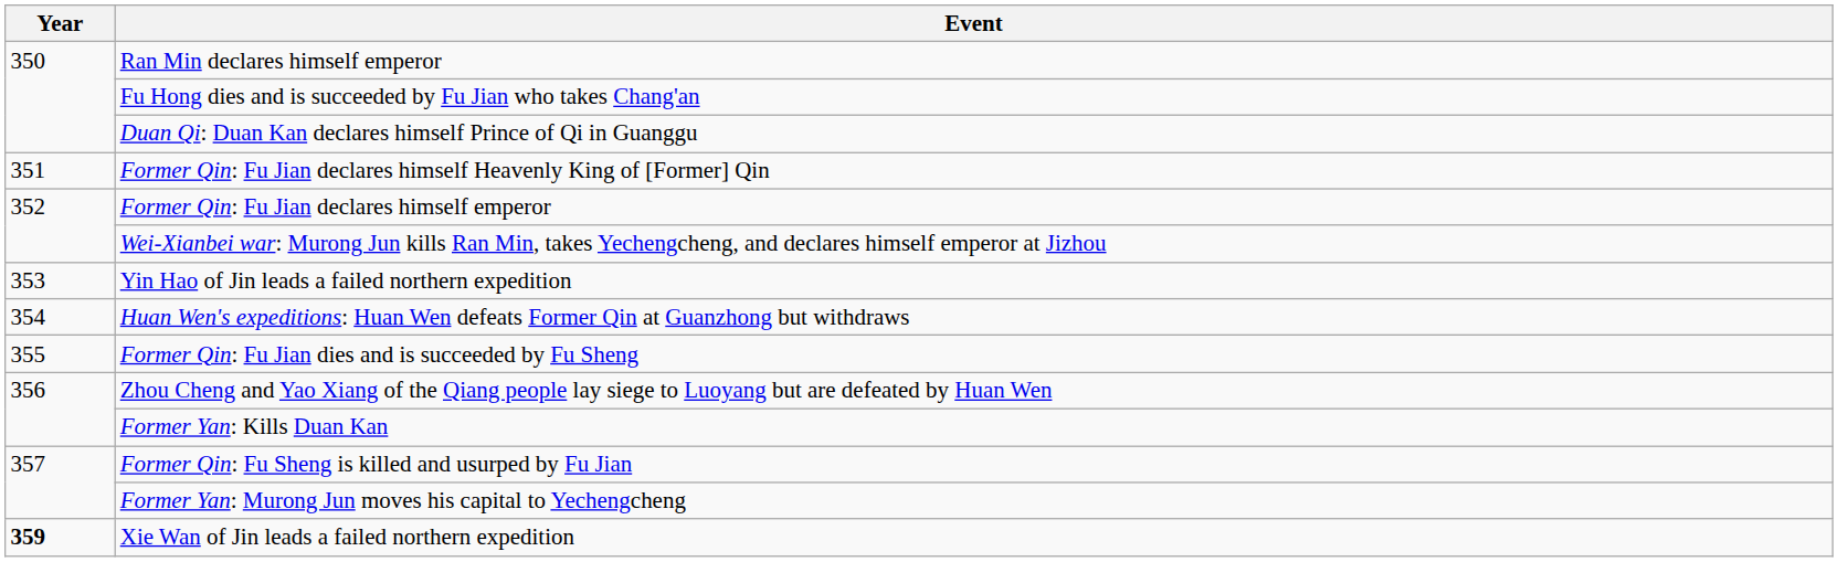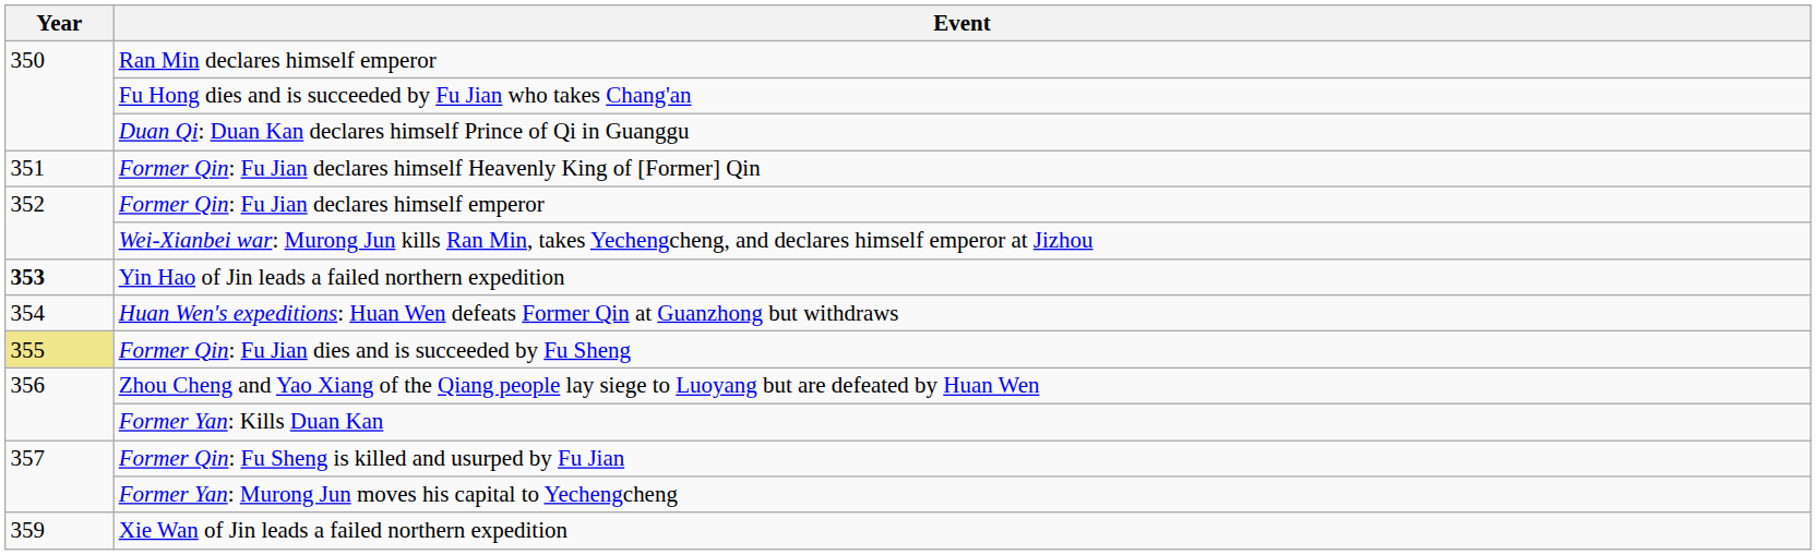 <table class="wikitable" style="width:100%;">
 <tr>
 <th style="width:6%">Year</th>
 <th>Event</th>
 </tr>
 <tr>
 <td rowspan="3" style="vertical-align:top;">350</td>
 <td><a href='#'>Ran Min</a> declares himself emperor</td>
 </tr>
 <tr>
 <td><a href='#'>Fu Hong</a> dies and is succeeded by <a href='#'>Fu Jian</a> who takes <a href='#'>Chang'an</a></td>
 </tr>
 <tr>
 <td><em><a href='#'>Duan Qi</a></em>: <a href='#'>Duan Kan</a> declares himself Prince of Qi in Guanggu</td>
 </tr>
 <tr>
 <td>351</td>
 <td><em><a href='#'>Former Qin</a></em>: <a href='#'>Fu Jian</a> declares himself Heavenly King of [Former] Qin</td>
 </tr>
 <tr>
 <td rowspan="2" style="vertical-align:top;">352</td>
 <td><em><a href='#'>Former Qin</a></em>: <a href='#'>Fu Jian</a> declares himself emperor</td>
 </tr>
 <tr>
 <td><em><a href='#'>Wei-Xianbei war</a></em>: <a href='#'>Murong Jun</a> kills <a href='#'>Ran Min</a>, takes <a href='#'>Yecheng</a>cheng, and declares himself emperor at <a href='#'>Jizhou</a></td>
 </tr>
 <tr>
-<td>353</td>
+<td><strong>353</strong></td>
 <td><a href='#'>Yin Hao</a> of Jin leads a failed northern expedition</td>
 </tr>
 <tr>
 <td>354</td>
 <td><em><a href='#'>Huan Wen's expeditions</a></em>: <a href='#'>Huan Wen</a> defeats <a href='#'>Former Qin</a> at <a href='#'>Guanzhong</a> but withdraws</td>
 </tr>
 <tr>
-<td>355</td>
+<td style="background: khaki;">355</td>
 <td><em><a href='#'>Former Qin</a></em>: <a href='#'>Fu Jian</a> dies and is succeeded by <a href='#'>Fu Sheng</a></td>
 </tr>
 <tr>
 <td rowspan="2" style="vertical-align:top;">356</td>
 <td><a href='#'>Zhou Cheng</a> and <a href='#'>Yao Xiang</a> of the <a href='#'>Qiang people</a> lay siege to <a href='#'>Luoyang</a> but are defeated by <a href='#'>Huan Wen</a></td>
 </tr>
 <tr>
 <td><em><a href='#'>Former Yan</a></em>: Kills <a href='#'>Duan Kan</a></td>
 </tr>
 <tr>
 <td rowspan="2" style="vertical-align:top;">357</td>
 <td><em><a href='#'>Former Qin</a></em>: <a href='#'>Fu Sheng</a> is killed and usurped by <a href='#'>Fu Jian</a></td>
 </tr>
 <tr>
 <td><em><a href='#'>Former Yan</a></em>: <a href='#'>Murong Jun</a> moves his capital to <a href='#'>Yecheng</a>cheng</td>
 </tr>
 <tr>
-<td><strong>359</strong></td>
+<td>359</td>
 <td><a href='#'>Xie Wan</a> of Jin leads a failed northern expedition</td>
 </tr>
 </table>
